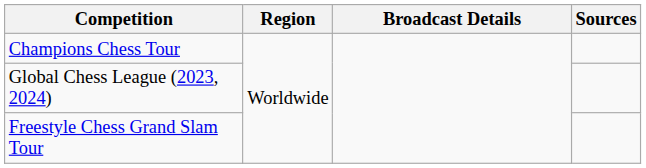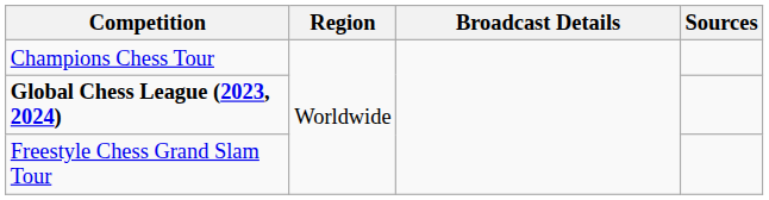 <table class="wikitable">
 <tr>
 <th width="200">Competition</th>
 <th>Region</th>
 <th width="200">Broadcast Details</th>
 <th>Sources</th>
 </tr>
 <tr>
 <td><a href='#'>Champions Chess Tour</a></td>
 <td rowspan="3">Worldwide</td>
 <td rowspan="3"></td>
 <td></td>
 </tr>
 <tr>
-<td>Global Chess League (<a href='#'>2023</a>, <a href='#'>2024</a>)</td>
+<td><strong>Global Chess League (<a href='#'>2023</a>, <a href='#'>2024</a>)</strong></td>
 <td></td>
 </tr>
 <tr>
 <td><a href='#'>Freestyle Chess Grand Slam Tour</a></td>
 <td></td>
 </tr>
 </table>
